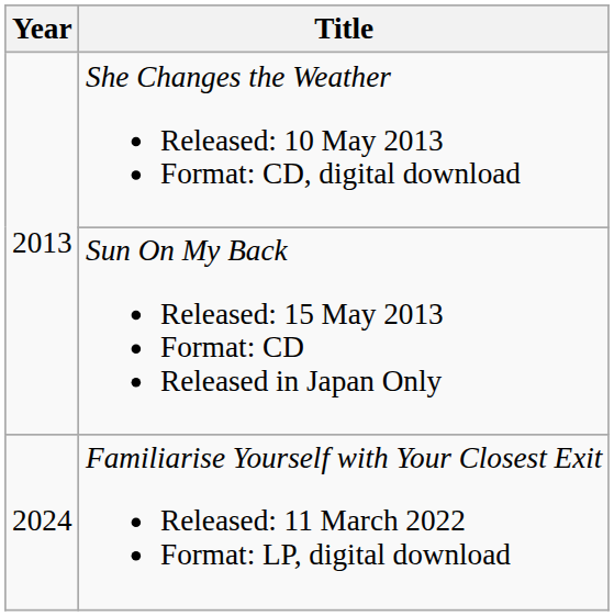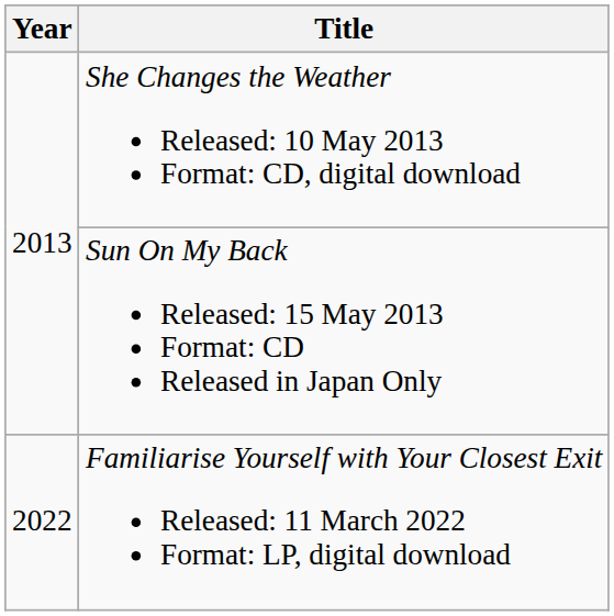 <table class="wikitable">
 <tr>
 <th>Year</th>
 <th>Title</th>
 </tr>
 <tr>
 <td rowspan="2">2013</td>
 <td><em>She Changes the Weather</em><br><ul><li>Released: 10 May 2013</li><li>Format: CD, digital download</li></ul></td>
 </tr>
 <tr>
 <td><em>Sun On My Back</em><br><ul><li>Released: 15 May 2013</li><li>Format: CD</li><li>Released in Japan Only</li></ul></td>
 </tr>
 <tr>
-<td rowspan="1">2024</td>
+<td rowspan="1">2022</td>
 <td><em>Familiarise Yourself with Your Closest Exit</em><br><ul><li>Released: 11 March 2022</li><li>Format: LP, digital download</li></ul></td>
 </tr>
 </table>
